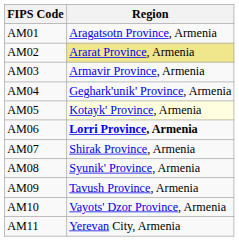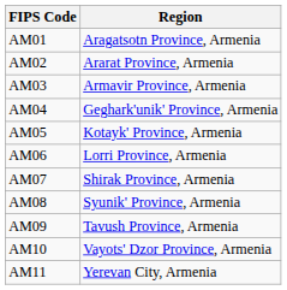 <table class="wikitable">
 <tr>
 <th>FIPS Code</th>
 <th>Region</th>
 </tr>
 <tr>
 <td>AM01</td>
 <td><a href='#'>Aragatsotn Province</a>, Armenia</td>
 </tr>
 <tr>
 <td>AM02</td>
-<td style="background: khaki;"><a href='#'>Ararat Province</a>, Armenia</td>
+<td><a href='#'>Ararat Province</a>, Armenia</td>
 </tr>
 <tr>
 <td>AM03</td>
 <td><a href='#'>Armavir Province</a>, Armenia</td>
 </tr>
 <tr>
 <td>AM04</td>
 <td><a href='#'>Geghark'unik' Province</a>, Armenia</td>
 </tr>
 <tr>
 <td>AM05</td>
-<td style="background: lightyellow;"><a href='#'>Kotayk' Province</a>, Armenia</td>
+<td><a href='#'>Kotayk' Province</a>, Armenia</td>
 </tr>
 <tr>
 <td>AM06</td>
-<td><strong><a href='#'>Lorri Province</a>, Armenia</strong></td>
+<td><a href='#'>Lorri Province</a>, Armenia</td>
 </tr>
 <tr>
 <td>AM07</td>
 <td><a href='#'>Shirak Province</a>, Armenia</td>
 </tr>
 <tr>
 <td>AM08</td>
 <td><a href='#'>Syunik' Province</a>, Armenia</td>
 </tr>
 <tr>
 <td>AM09</td>
 <td><a href='#'>Tavush Province</a>, Armenia</td>
 </tr>
 <tr>
 <td>AM10</td>
 <td><a href='#'>Vayots' Dzor Province</a>, Armenia</td>
 </tr>
 <tr>
 <td>AM11</td>
 <td><a href='#'>Yerevan</a> City, Armenia</td>
 </tr>
 </table>
